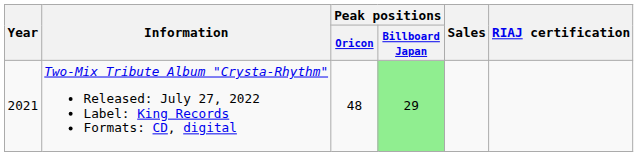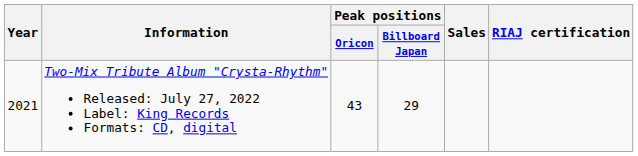 <table class="wikitable">
 <tr>
 <th rowspan="2">Year</th>
 <th rowspan="2">Information</th>
 <th colspan="2">Peak positions</th>
 <th rowspan="2">Sales<br></th>
 <th rowspan="2"><a href='#'>RIAJ</a> certification</th>
 </tr>
 <tr>
 <th><small><a href='#'>Oricon</a></small><br></th>
 <th><small><a href='#'>Billboard<br>Japan</a></small><br></th>
 </tr>
 <tr>
 <td>2021</td>
 <td><em><a href='#'>Two-Mix Tribute Album "Crysta-Rhythm"</a></em><br><ul><li>Released: July 27, 2022</li><li>Label: <a href='#'>King Records</a></li><li>Formats: <a href='#'>CD</a>, <a href='#'>digital</a></li></ul></td>
-<td style="text-align:center;">48</td>
-<td style="background: lightgreen; text-align:center;">29</td>
+<td style="text-align:center;">43</td>
+<td style="text-align:center;">29</td>
 <td align="left"></td>
 <td align="left"></td>
 </tr>
 </table>
